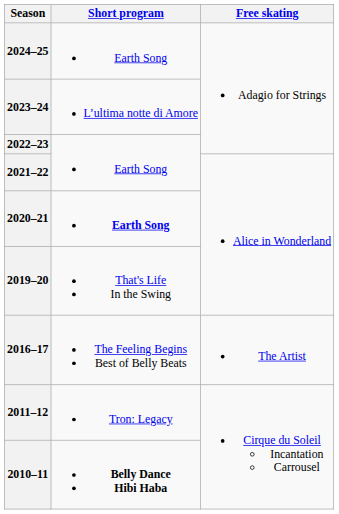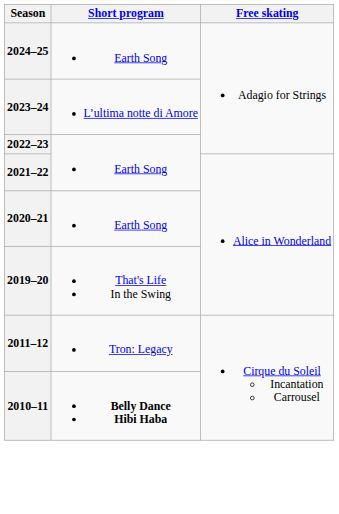 <table class="wikitable" style="text-align:center">
 <tr>
 <th>Season</th>
 <th><a href='#'>Short program</a></th>
 <th><a href='#'>Free skating</a></th>
 </tr>
 <tr>
 <th>2024–25 <br> </th>
 <td><br><ul><li><a href='#'>Earth Song</a> <br></li></ul></td>
 <td rowspan=3><br><ul><li>Adagio for Strings <br> </li></ul></td>
 </tr>
 <tr>
 <th>2023–24 <br> </th>
 <td><br><ul><li><a href='#'>L’ultima notte di Amore</a> <br></li></ul></td>
 </tr>
 <tr>
 <th>2022–23 <br> </th>
 <td rowspan=2><br><ul><li><a href='#'>Earth Song</a> <br></li></ul></td>
 </tr>
 <tr>
 <th>2021–22 <br> </th>
 <td rowspan="3"><br><ul><li><a href='#'>Alice in Wonderland</a> <br></li></ul></td>
 </tr>
 <tr>
 <th>2020–21 <br> </th>
-<td><strong><br><ul><li><a href='#'>Earth Song</a> <br></li></ul></strong></td>
+<td><br><ul><li><a href='#'>Earth Song</a> <br></li></ul></td>
 </tr>
 <tr>
 <th>2019–20 <br> </th>
 <td><br><ul><li><a href='#'>That's Life</a> <br></li><li>In the Swing <br></li></ul></td>
-</tr>
-<tr>
-<th>2016–17 <br> </th>
-<td><br><ul><li><a href='#'>The Feeling Begins</a> <br></li><li>Best of Belly Beats <br></li></ul></td>
-<td><br><ul><li><a href='#'>The Artist</a> <br></li></ul></td>
 </tr>
 <tr>
 <th>2011–12 <br> </th>
 <td><br><ul><li><a href='#'>Tron: Legacy</a> <br></li></ul></td>
 <td rowspan="2"><br><ul><li><a href='#'>Cirque du Soleil</a><ul><li>Incantation</li><li>Carrousel </li></ul></li></ul></td>
 </tr>
 <tr>
 <th>2010–11 <br> </th>
 <td><strong><br><ul><li>Belly Dance <br></li><li>Hibi Haba <br></li></ul></strong></td>
 </tr>
 </table>
